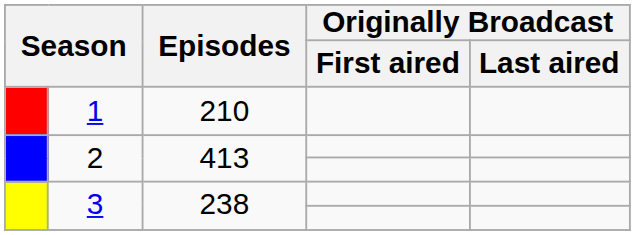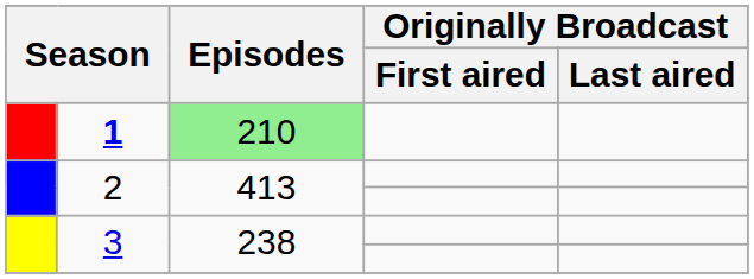 <table class="wikitable" style="text-align:center">
 <tr>
 <th style="padding: 0 8px" colspan="2" rowspan="2">Season</th>
 <th style="padding: 0 8px" rowspan="2">Episodes</th>
 <th style="padding: 0 8px" colspan="2">Originally Broadcast</th>
 </tr>
 <tr>
 <th style="padding: 1 8px">First aired</th>
 <th style="padding: 1 8px">Last aired</th>
 </tr>
 <tr>
 <td style="background:Red"></td>
-<td align="center"><a href='#'>1</a></td>
-<td align="center">210</td>
+<td align="center"><strong><a href='#'>1</a></strong></td>
+<td align="center" style="background: lightgreen;">210</td>
 <td align="center"></td>
 <td align="center"></td>
 </tr>
 <tr>
 <td style="background:Blue" rowspan="2"></td>
 <td align="center" rowspan="2">2</td>
 <td align="center" rowspan="2">413</td>
 <td align="center"></td>
 <td align="center"></td>
 </tr>
 <tr>
 <td align="center"></td>
 <td align="center"></td>
 </tr>
 <tr>
 <td style="background:Yellow" rowspan="2"></td>
 <td align="center" rowspan="2"><a href='#'>3</a></td>
 <td align="center" rowspan="2">238</td>
 <td align="center"></td>
 <td align="center"></td>
 </tr>
 <tr>
 <td align="center"></td>
 <td align="center"></td>
 </tr>
 </table>
